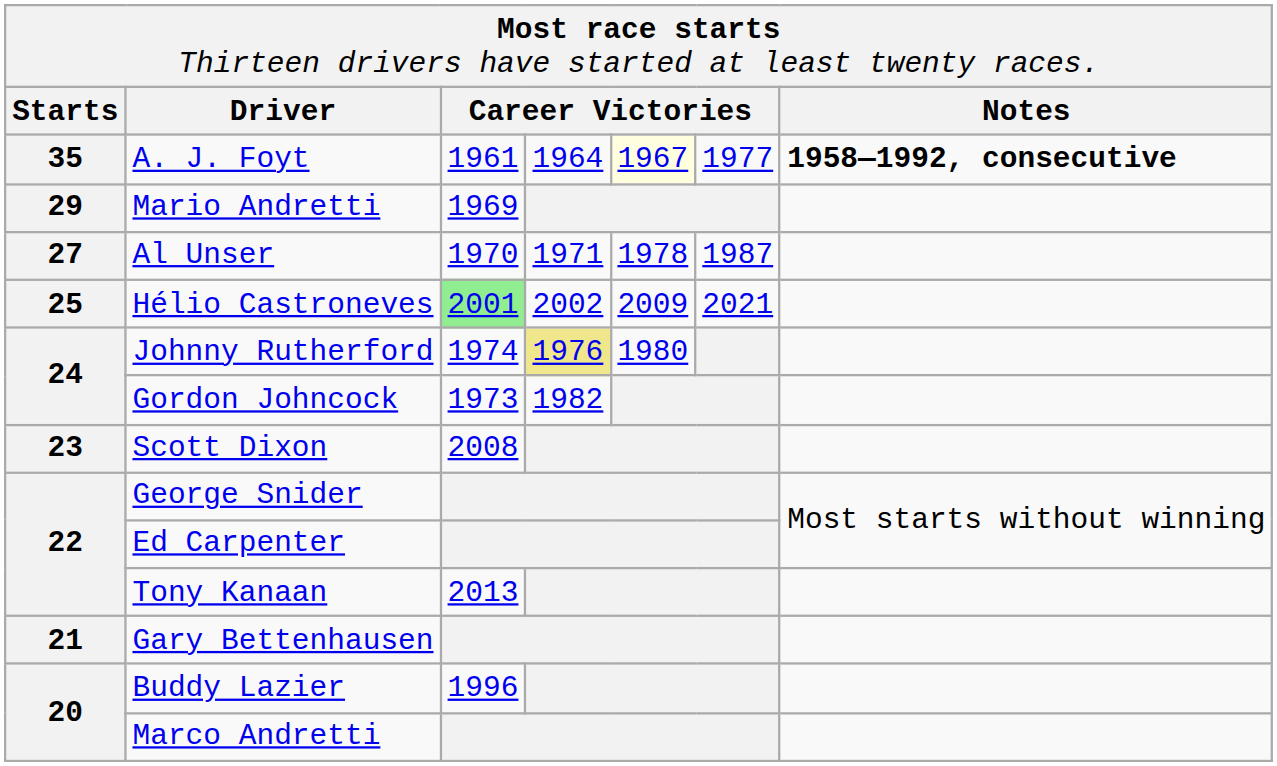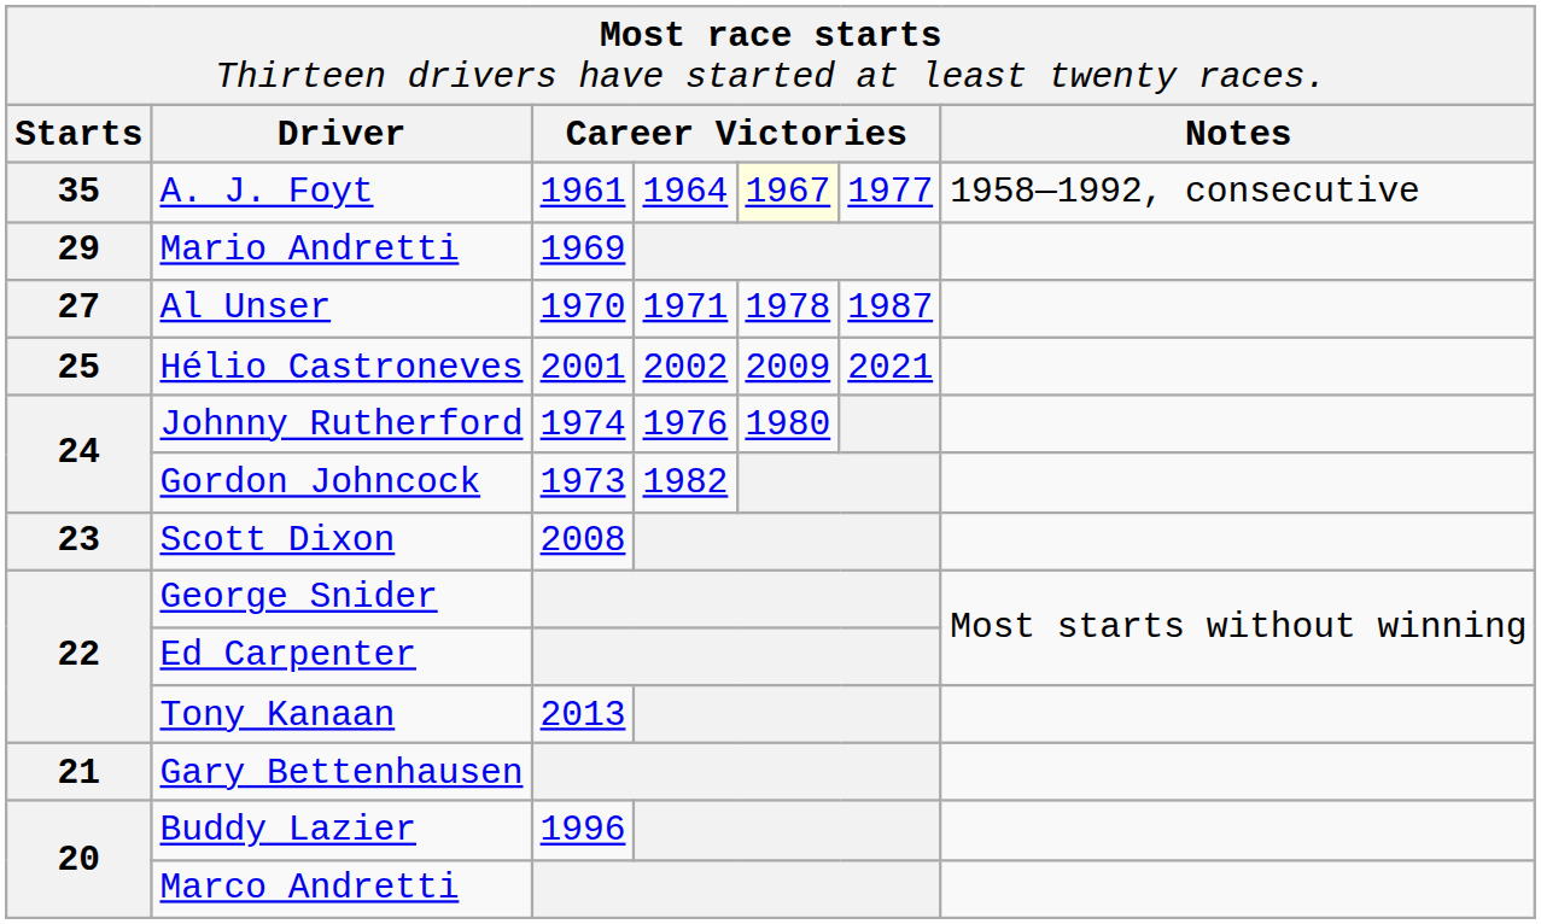 <table class="wikitable">
 <tr>
 <td style="background:#F2F2F2;" align="center" colspan="7"><strong>Most race starts</strong><br><em>Thirteen drivers have started at least twenty races.</em></td>
 </tr>
 <tr>
 <td style="background:#F2F2F2;" align="center"><strong>Starts</strong></td>
 <td style="background:#F2F2F2;" align="center"><strong>Driver</strong></td>
 <td style="background:#F2F2F2;" align="center" colspan="4"><strong>Career Victories</strong></td>
 <td style="background:#F2F2F2;" align="center"><strong>Notes</strong></td>
 </tr>
 <tr>
 <td style="background:#F2F2F2;" align="center"><strong>35</strong></td>
 <td> <a href='#'>A. J. Foyt</a></td>
 <td align="center"><a href='#'>1961</a></td>
 <td align="center"><a href='#'>1964</a></td>
 <td align="center" style="background: lightyellow;"><a href='#'>1967</a></td>
 <td align="center"><a href='#'>1977</a></td>
-<td><strong>1958—1992, consecutive</strong></td>
+<td>1958—1992, consecutive</td>
 </tr>
 <tr>
 <td style="background:#F2F2F2;" align="center"><strong>29</strong></td>
 <td> <a href='#'>Mario Andretti</a></td>
 <td align="center"><a href='#'>1969</a></td>
 <td style="background:#F2F2F2;" align="center" colspan="3"> </td>
 <td> </td>
 </tr>
 <tr>
 <td style="background:#F2F2F2;" align="center"><strong>27</strong></td>
 <td> <a href='#'>Al Unser</a></td>
 <td align="center"><a href='#'>1970</a></td>
 <td align="center"><a href='#'>1971</a></td>
 <td align="center"><a href='#'>1978</a></td>
 <td align="center"><a href='#'>1987</a></td>
 <td> </td>
 </tr>
 <tr>
 <td style="background:#F2F2F2;" align="center"><strong>25</strong></td>
 <td> <a href='#'>Hélio Castroneves</a></td>
-<td style="background: lightgreen;"><a href='#'>2001</a></td>
+<td><a href='#'>2001</a></td>
 <td><a href='#'>2002</a></td>
 <td><a href='#'>2009</a></td>
 <td><a href='#'>2021</a></td>
 <td> </td>
 </tr>
 <tr>
 <td style="background:#F2F2F2;" align="center" rowspan="2"><strong>24</strong></td>
 <td> <a href='#'>Johnny Rutherford</a></td>
 <td align="center"><a href='#'>1974</a></td>
-<td align="center" style="background: khaki;"><a href='#'>1976</a></td>
+<td align="center"><a href='#'>1976</a></td>
 <td align="center"><a href='#'>1980</a></td>
 <td style="background:#F2F2F2;" align="center"> </td>
 <td> </td>
 </tr>
 <tr>
 <td> <a href='#'>Gordon Johncock</a></td>
 <td align="center"><a href='#'>1973</a></td>
 <td align="center"><a href='#'>1982</a></td>
 <td style="background:#F2F2F2;" align="center" colspan="2"> </td>
 <td> </td>
 </tr>
 <tr>
 <td style="background:#F2F2F2;" align="center"><strong>23</strong></td>
 <td> <a href='#'>Scott Dixon</a></td>
 <td><a href='#'>2008</a></td>
 <td style="background:#F2F2F2;" align="center" colspan="3"> </td>
 <td> </td>
 </tr>
 <tr>
 <td style="background:#F2F2F2;" align="center" rowspan="3"><strong>22</strong></td>
 <td> <a href='#'>George Snider</a></td>
 <td style="background:#F2F2F2;" align="center" colspan="4"> </td>
 <td rowspan="2">Most starts without winning</td>
 </tr>
 <tr>
 <td> <a href='#'>Ed Carpenter</a></td>
 <td style="background:#F2F2F2;" align="center" colspan="4"> </td>
 </tr>
 <tr>
 <td> <a href='#'>Tony Kanaan</a></td>
 <td><a href='#'>2013</a></td>
 <td style="background:#F2F2F2;" align="center" colspan="3"> </td>
 <td> </td>
 </tr>
 <tr>
 <td style="background:#F2F2F2;" align="center"><strong>21</strong></td>
 <td> <a href='#'>Gary Bettenhausen</a></td>
 <td style="background:#F2F2F2;" align="center" colspan="4"> </td>
 <td> </td>
 </tr>
 <tr>
 <td style="background:#F2F2F2;" align="center" rowspan="2"><strong>20</strong></td>
 <td> <a href='#'>Buddy Lazier</a></td>
 <td><a href='#'>1996</a></td>
 <td style="background:#F2F2F2;" align="center" colspan="3"> </td>
 <td> </td>
 </tr>
 <tr>
 <td> <a href='#'>Marco Andretti</a></td>
 <td style="background:#F2F2F2;" align="center" colspan="4"> </td>
 <td> </td>
 </tr>
 <tr>
 </tr>
 </table>
